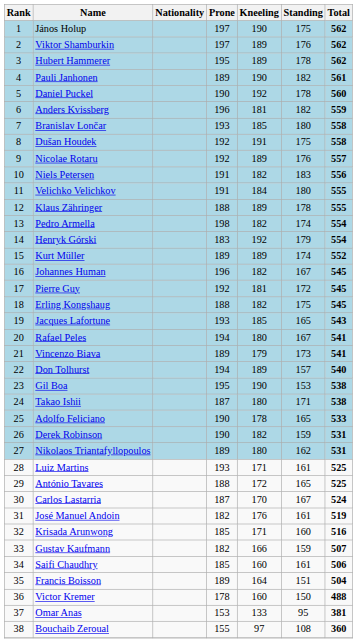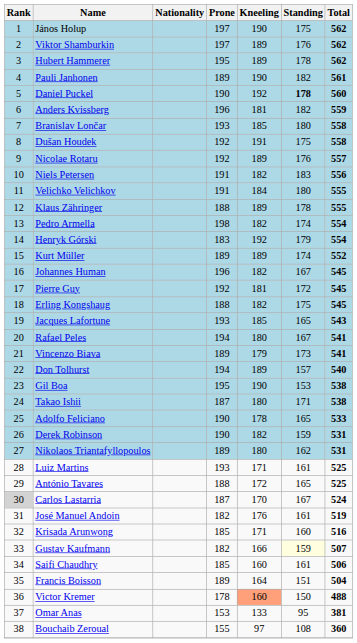 <table class="wikitable sortable" style="text-align:center">
 <tr>
 <th>Rank</th>
 <th>Name</th>
 <th>Nationality</th>
 <th>Prone</th>
 <th>Kneeling</th>
 <th>Standing</th>
 <th>Total</th>
 </tr>
 <tr bgcolor=lightblue>
 <td>1</td>
 <td align=left>János Holup</td>
 <td align=left></td>
 <td>197</td>
 <td>190</td>
 <td>175</td>
 <td><strong>562</strong></td>
 </tr>
 <tr bgcolor=lightblue>
 <td>2</td>
 <td align=left><a href='#'>Viktor Shamburkin</a></td>
 <td align=left></td>
 <td>197</td>
 <td>189</td>
 <td>176</td>
 <td><strong>562</strong></td>
 </tr>
 <tr bgcolor=lightblue>
 <td>3</td>
 <td align=left><a href='#'>Hubert Hammerer</a></td>
 <td align=left></td>
 <td>195</td>
 <td>189</td>
 <td>178</td>
 <td><strong>562</strong></td>
 </tr>
 <tr bgcolor=lightblue>
 <td>4</td>
 <td align=left><a href='#'>Pauli Janhonen</a></td>
 <td align=left></td>
 <td>189</td>
 <td>190</td>
 <td>182</td>
 <td><strong>561</strong></td>
 </tr>
 <tr bgcolor=lightblue>
 <td>5</td>
 <td align=left><a href='#'>Daniel Puckel</a></td>
 <td align=left></td>
 <td>190</td>
 <td>192</td>
-<td>178</td>
+<td><strong>178</strong></td>
 <td><strong>560</strong></td>
 </tr>
 <tr bgcolor=lightblue>
 <td>6</td>
 <td align=left><a href='#'>Anders Kvissberg</a></td>
 <td align=left></td>
 <td>196</td>
 <td>181</td>
 <td>182</td>
 <td><strong>559</strong></td>
 </tr>
 <tr bgcolor=lightblue>
 <td>7</td>
 <td align=left><a href='#'>Branislav Lončar</a></td>
 <td align=left></td>
 <td>193</td>
 <td>185</td>
 <td>180</td>
 <td><strong>558</strong></td>
 </tr>
 <tr bgcolor=lightblue>
 <td>8</td>
 <td align=left><a href='#'>Dušan Houdek</a></td>
 <td align=left></td>
 <td>192</td>
 <td>191</td>
 <td>175</td>
 <td><strong>558</strong></td>
 </tr>
 <tr bgcolor=lightblue>
 <td>9</td>
 <td align=left><a href='#'>Nicolae Rotaru</a></td>
 <td align=left></td>
 <td>192</td>
 <td>189</td>
 <td>176</td>
 <td><strong>557</strong></td>
 </tr>
 <tr bgcolor=lightblue>
 <td>10</td>
 <td align=left><a href='#'>Niels Petersen</a></td>
 <td align=left></td>
 <td>191</td>
 <td>182</td>
 <td>183</td>
 <td><strong>556</strong></td>
 </tr>
 <tr bgcolor=lightblue>
 <td>11</td>
 <td align=left><a href='#'>Velichko Velichkov</a></td>
 <td align=left></td>
 <td>191</td>
 <td>184</td>
 <td>180</td>
 <td><strong>555</strong></td>
 </tr>
 <tr bgcolor=lightblue>
 <td>12</td>
 <td align=left><a href='#'>Klaus Zähringer</a></td>
 <td align=left></td>
 <td>188</td>
 <td>189</td>
 <td>178</td>
 <td><strong>555</strong></td>
 </tr>
 <tr bgcolor=lightblue>
 <td>13</td>
 <td align=left><a href='#'>Pedro Armella</a></td>
 <td align=left></td>
 <td>198</td>
 <td>182</td>
 <td>174</td>
 <td><strong>554</strong></td>
 </tr>
 <tr bgcolor=lightblue>
 <td>14</td>
 <td align=left><a href='#'>Henryk Górski</a></td>
 <td align=left></td>
 <td>183</td>
 <td>192</td>
 <td>179</td>
 <td><strong>554</strong></td>
 </tr>
 <tr bgcolor=lightblue>
 <td>15</td>
 <td align=left><a href='#'>Kurt Müller</a></td>
 <td align=left></td>
 <td>189</td>
 <td>189</td>
 <td>174</td>
 <td><strong>552</strong></td>
 </tr>
 <tr bgcolor=lightblue>
 <td>16</td>
 <td align=left><a href='#'>Johannes Human</a></td>
 <td align=left></td>
 <td>196</td>
 <td>182</td>
 <td>167</td>
 <td><strong>545</strong></td>
 </tr>
 <tr bgcolor=lightblue>
 <td>17</td>
 <td align=left><a href='#'>Pierre Guy</a></td>
 <td align=left></td>
 <td>192</td>
 <td>181</td>
 <td>172</td>
 <td><strong>545</strong></td>
 </tr>
 <tr bgcolor=lightblue>
 <td>18</td>
 <td align=left><a href='#'>Erling Kongshaug</a></td>
 <td align=left></td>
 <td>188</td>
 <td>182</td>
 <td>175</td>
 <td><strong>545</strong></td>
 </tr>
 <tr bgcolor=lightblue>
 <td>19</td>
 <td align=left><a href='#'>Jacques Lafortune</a></td>
 <td align=left></td>
 <td>193</td>
 <td>185</td>
 <td>165</td>
 <td><strong>543</strong></td>
 </tr>
 <tr bgcolor=lightblue>
 <td>20</td>
 <td align=left><a href='#'>Rafael Peles</a></td>
 <td align=left></td>
 <td>194</td>
 <td>180</td>
 <td>167</td>
 <td><strong>541</strong></td>
 </tr>
 <tr bgcolor=lightblue>
 <td>21</td>
 <td align=left><a href='#'>Vincenzo Biava</a></td>
 <td align=left></td>
 <td>189</td>
 <td>179</td>
 <td>173</td>
 <td><strong>541</strong></td>
 </tr>
 <tr bgcolor=lightblue>
 <td>22</td>
 <td align=left><a href='#'>Don Tolhurst</a></td>
 <td align=left></td>
 <td>194</td>
 <td>189</td>
 <td>157</td>
 <td><strong>540</strong></td>
 </tr>
 <tr bgcolor=lightblue>
 <td>23</td>
 <td align=left><a href='#'>Gil Boa</a></td>
 <td align=left></td>
 <td>195</td>
 <td>190</td>
 <td>153</td>
 <td><strong>538</strong></td>
 </tr>
 <tr bgcolor=lightblue>
 <td>24</td>
 <td align=left><a href='#'>Takao Ishii</a></td>
 <td align=left></td>
 <td>187</td>
 <td>180</td>
 <td>171</td>
 <td><strong>538</strong></td>
 </tr>
 <tr bgcolor=lightblue>
 <td>25</td>
 <td align=left><a href='#'>Adolfo Feliciano</a></td>
 <td align=left></td>
 <td>190</td>
 <td>178</td>
 <td>165</td>
 <td><strong>533</strong></td>
 </tr>
 <tr bgcolor=lightblue>
 <td>26</td>
 <td align=left><a href='#'>Derek Robinson</a></td>
 <td align=left></td>
 <td>190</td>
 <td>182</td>
 <td>159</td>
 <td><strong>531</strong></td>
 </tr>
 <tr bgcolor=lightblue>
 <td>27</td>
 <td align=left><a href='#'>Nikolaos Triantafyllopoulos</a></td>
 <td align=left></td>
 <td>189</td>
 <td>180</td>
 <td>162</td>
 <td><strong>531</strong></td>
 </tr>
 <tr>
 <td>28</td>
 <td align=left><a href='#'>Luiz Martins</a></td>
 <td align=left></td>
 <td>193</td>
 <td>171</td>
 <td>161</td>
 <td><strong>525</strong></td>
 </tr>
 <tr>
 <td>29</td>
 <td align=left><a href='#'>António Tavares</a></td>
 <td align=left></td>
 <td>188</td>
 <td>172</td>
 <td>165</td>
 <td><strong>525</strong></td>
 </tr>
 <tr>
-<td>30</td>
+<td style="background: lightgrey;">30</td>
 <td align=left><a href='#'>Carlos Lastarria</a></td>
 <td align=left></td>
 <td>187</td>
 <td>170</td>
 <td>167</td>
 <td><strong>524</strong></td>
 </tr>
 <tr>
 <td>31</td>
 <td align=left><a href='#'>José Manuel Andoin</a></td>
 <td align=left></td>
 <td>182</td>
 <td>176</td>
 <td>161</td>
 <td><strong>519</strong></td>
 </tr>
 <tr>
 <td>32</td>
 <td align=left><a href='#'>Krisada Arunwong</a></td>
 <td align=left></td>
 <td>185</td>
 <td>171</td>
 <td>160</td>
 <td><strong>516</strong></td>
 </tr>
 <tr>
 <td>33</td>
 <td align=left><a href='#'>Gustav Kaufmann</a></td>
 <td align=left></td>
 <td>182</td>
 <td>166</td>
-<td>159</td>
+<td style="background: lightyellow;">159</td>
 <td><strong>507</strong></td>
 </tr>
 <tr>
 <td>34</td>
 <td align=left><a href='#'>Saifi Chaudhry</a></td>
 <td align=left></td>
 <td>185</td>
 <td>160</td>
 <td>161</td>
 <td><strong>506</strong></td>
 </tr>
 <tr>
 <td>35</td>
 <td align=left><a href='#'>Francis Boisson</a></td>
 <td align=left></td>
 <td>189</td>
 <td>164</td>
 <td>151</td>
 <td><strong>504</strong></td>
 </tr>
 <tr>
 <td>36</td>
 <td align=left><a href='#'>Victor Kremer</a></td>
 <td align=left></td>
 <td>178</td>
-<td>160</td>
+<td style="background: lightsalmon;">160</td>
 <td>150</td>
 <td><strong>488</strong></td>
 </tr>
 <tr>
 <td>37</td>
 <td align=left><a href='#'>Omar Anas</a></td>
 <td align=left></td>
 <td>153</td>
 <td>133</td>
 <td>95</td>
 <td><strong>381</strong></td>
 </tr>
 <tr>
 <td>38</td>
 <td align=left><a href='#'>Bouchaib Zeroual</a></td>
 <td align=left></td>
 <td>155</td>
 <td>97</td>
 <td>108</td>
 <td><strong>360</strong></td>
 </tr>
 <tr>
 </tr>
 </table>
